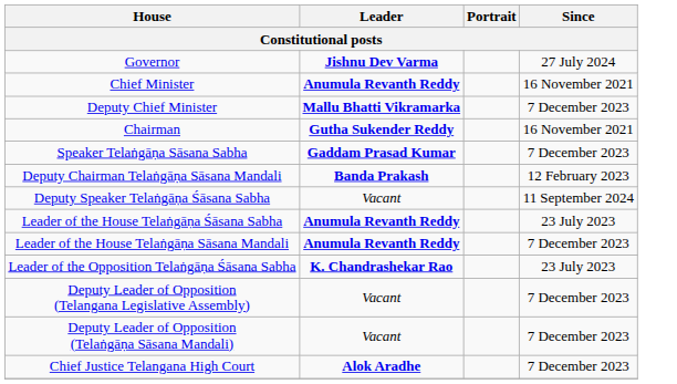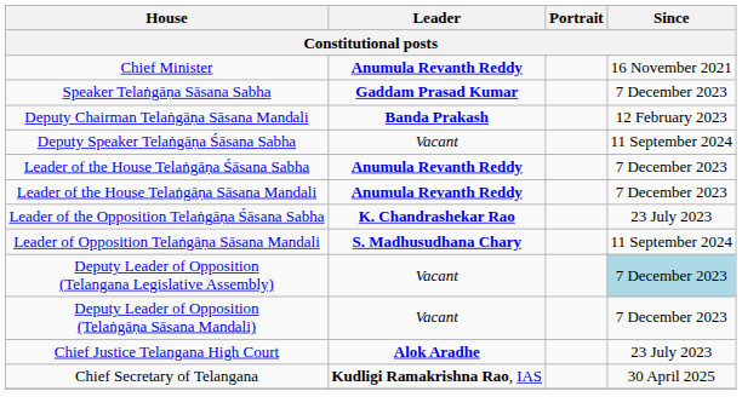 <table class="wikitable" style="text-align:center">
 <tr>
 <th Style="background-color:">House</th>
 <th Style="background-color:">Leader</th>
 <th Style="background-color:">Portrait</th>
 <th Style="background-color:">Since</th>
 </tr>
 <tr>
 <th colspan=4>Constitutional posts</th>
 </tr>
 <tr>
-<td><a href='#'>Governor</a></td>
-<td><strong><a href='#'>Jishnu Dev Varma</a></strong></td>
-<td></td>
-<td>27 July 2024</td>
-</tr>
-<tr>
 <td><a href='#'>Chief Minister</a></td>
 <td><strong><a href='#'>Anumula Revanth Reddy</a></strong></td>
-<td></td>
-<td>16 November 2021</td>
-</tr>
-<tr>
-<td><a href='#'>Deputy Chief Minister</a></td>
-<td><strong><a href='#'>Mallu Bhatti Vikramarka</a></strong></td>
-<td></td>
-<td>7 December 2023</td>
-</tr>
-<tr>
-<td><a href='#'>Chairman</a></td>
-<td><strong><a href='#'>Gutha Sukender Reddy</a></strong></td>
 <td></td>
 <td>16 November 2021</td>
 </tr>
 <tr>
 <td><a href='#'>Speaker Telaṅgāṇa Sāsana Sabha</a></td>
 <td><strong><a href='#'>Gaddam Prasad Kumar</a></strong></td>
 <td></td>
 <td>7 December 2023</td>
 </tr>
 <tr>
 <td><a href='#'>Deputy Chairman Telaṅgāṇa Sāsana Mandali</a></td>
 <td><strong><a href='#'>Banda Prakash</a></strong></td>
 <td></td>
 <td>12 February 2023</td>
 </tr>
 <tr>
 <td><a href='#'>Deputy Speaker Telaṅgāṇa Śāsana Sabha</a></td>
 <td><em>Vacant</em></td>
 <td></td>
 <td>11 September 2024</td>
 </tr>
 <tr>
 <td><a href='#'>Leader of the House Telaṅgāṇa Śāsana Sabha</a></td>
 <td><strong><a href='#'>Anumula Revanth Reddy</a></strong></td>
 <td></td>
-<td>23 July 2023</td>
+<td>7 December 2023</td>
 </tr>
 <tr>
 <td><a href='#'>Leader of the House Telaṅgāṇa Sāsana Mandali</a></td>
 <td><strong><a href='#'>Anumula Revanth Reddy</a></strong></td>
 <td></td>
 <td>7 December 2023</td>
 </tr>
 <tr>
 <td><a href='#'>Leader of the Opposition Telaṅgāṇa Śāsana Sabha</a></td>
 <td><strong><a href='#'>K. Chandrashekar Rao</a></strong></td>
 <td></td>
 <td>23 July 2023</td>
 </tr>
 <tr>
+<td><a href='#'>Leader of Opposition Telaṅgāṇa Sāsana Mandali</a></td>
+<td><strong><a href='#'>S. Madhusudhana Chary</a></strong></td>
+<td></td>
+<td>11 September 2024</td>
+</tr>
+<tr>
 <td><a href='#'>Deputy Leader of Opposition<br> (Telangana Legislative Assembly)</a></td>
 <td><em>Vacant</em></td>
 <td></td>
-<td>7 December 2023</td>
+<td style="background: lightblue;">7 December 2023</td>
 </tr>
 <tr>
 <td><a href='#'>Deputy Leader of Opposition<br> (Telaṅgāṇa Sāsana Mandali)</a></td>
 <td><em>Vacant</em></td>
 <td></td>
 <td>7 December 2023</td>
 </tr>
 <tr>
 <td><a href='#'>Chief Justice Telangana High Court</a></td>
 <td><strong><a href='#'>Alok Aradhe</a></strong></td>
 <td></td>
-<td>7 December 2023</td>
+<td>23 July 2023</td>
+</tr>
+<tr>
+<td>Chief Secretary of Telangana</td>
+<td><strong>Kudligi Ramakrishna Rao</strong>, <a href='#'>IAS</a></td>
+<td></td>
+<td>30 April 2025</td>
 </tr>
 <tr>
 </tr>
 </table>
